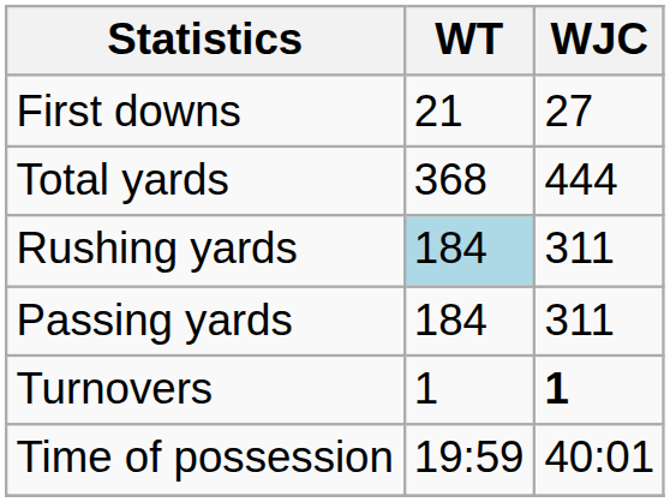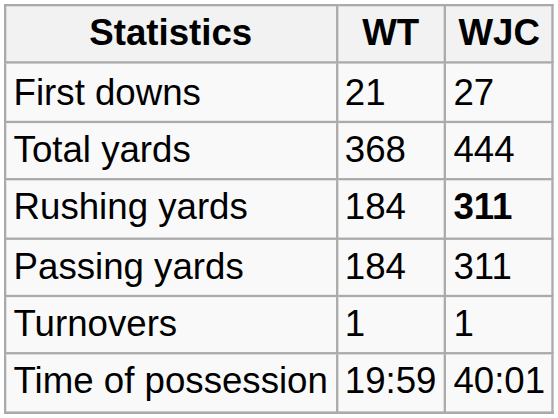 <table class="wikitable">
 <tr>
 <th>Statistics</th>
 <th>WT</th>
 <th>WJC</th>
 </tr>
 <tr>
 <td>First downs</td>
 <td>21</td>
 <td>27</td>
 </tr>
 <tr>
 <td>Total yards</td>
 <td>368</td>
 <td>444</td>
 </tr>
 <tr>
 <td>Rushing yards</td>
-<td style="background: lightblue;">184</td>
-<td>311</td>
+<td>184</td>
+<td><strong>311</strong></td>
 </tr>
 <tr>
 <td>Passing yards</td>
 <td>184</td>
 <td>311</td>
 </tr>
 <tr>
 <td>Turnovers</td>
 <td>1</td>
-<td><strong>1</strong></td>
+<td>1</td>
 </tr>
 <tr>
 <td>Time of possession</td>
 <td>19:59</td>
 <td>40:01</td>
 </tr>
 <tr>
 </tr>
 </table>
